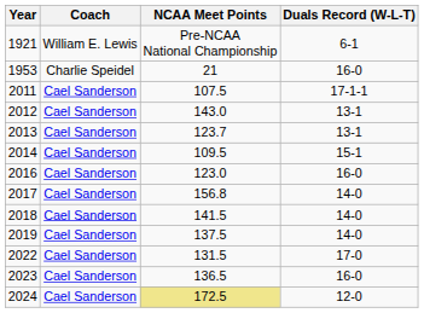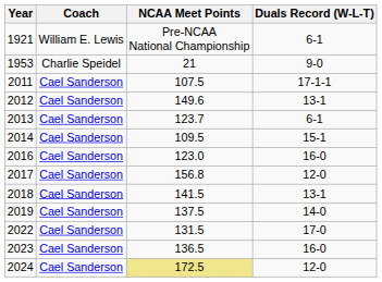 <table class="wikitable" style="text-align:center; padding:2px">
 <tr>
 <th>Year</th>
 <th>Coach</th>
 <th>NCAA Meet Points</th>
 <th>Duals Record (W-L-T)</th>
 </tr>
 <tr>
 <td>1921</td>
 <td>William E. Lewis</td>
 <td>Pre-NCAA<br>National Championship</td>
 <td>6-1</td>
 </tr>
 <tr>
 <td>1953</td>
 <td>Charlie Speidel</td>
 <td>21</td>
-<td>16-0</td>
+<td>9-0</td>
 </tr>
 <tr>
 <td>2011</td>
 <td><a href='#'>Cael Sanderson</a></td>
 <td>107.5</td>
 <td>17-1-1</td>
 </tr>
 <tr>
 <td>2012</td>
 <td><a href='#'>Cael Sanderson</a></td>
-<td>143.0</td>
+<td>149.6</td>
 <td>13-1</td>
 </tr>
 <tr>
 <td>2013</td>
 <td><a href='#'>Cael Sanderson</a></td>
 <td>123.7</td>
-<td>13-1</td>
+<td>6-1</td>
 </tr>
 <tr>
 <td>2014</td>
 <td><a href='#'>Cael Sanderson</a></td>
 <td>109.5</td>
 <td>15-1</td>
 </tr>
 <tr>
 <td>2016</td>
 <td><a href='#'>Cael Sanderson</a></td>
 <td>123.0</td>
 <td>16-0</td>
 </tr>
 <tr>
 <td>2017</td>
 <td><a href='#'>Cael Sanderson</a></td>
 <td>156.8</td>
-<td>14-0</td>
+<td>12-0</td>
 </tr>
 <tr>
 <td>2018</td>
 <td><a href='#'>Cael Sanderson</a></td>
 <td>141.5</td>
-<td>14-0</td>
+<td>13-1</td>
 </tr>
 <tr>
 <td>2019</td>
 <td><a href='#'>Cael Sanderson</a></td>
 <td>137.5</td>
 <td>14-0</td>
 </tr>
 <tr>
 <td>2022</td>
 <td><a href='#'>Cael Sanderson</a></td>
 <td>131.5</td>
 <td>17-0</td>
 </tr>
 <tr>
 <td>2023</td>
 <td><a href='#'>Cael Sanderson</a></td>
 <td>136.5</td>
 <td>16-0</td>
 </tr>
 <tr>
 <td>2024</td>
 <td><a href='#'>Cael Sanderson</a></td>
 <td style="background: khaki;">172.5</td>
 <td>12-0</td>
 </tr>
 </table>
